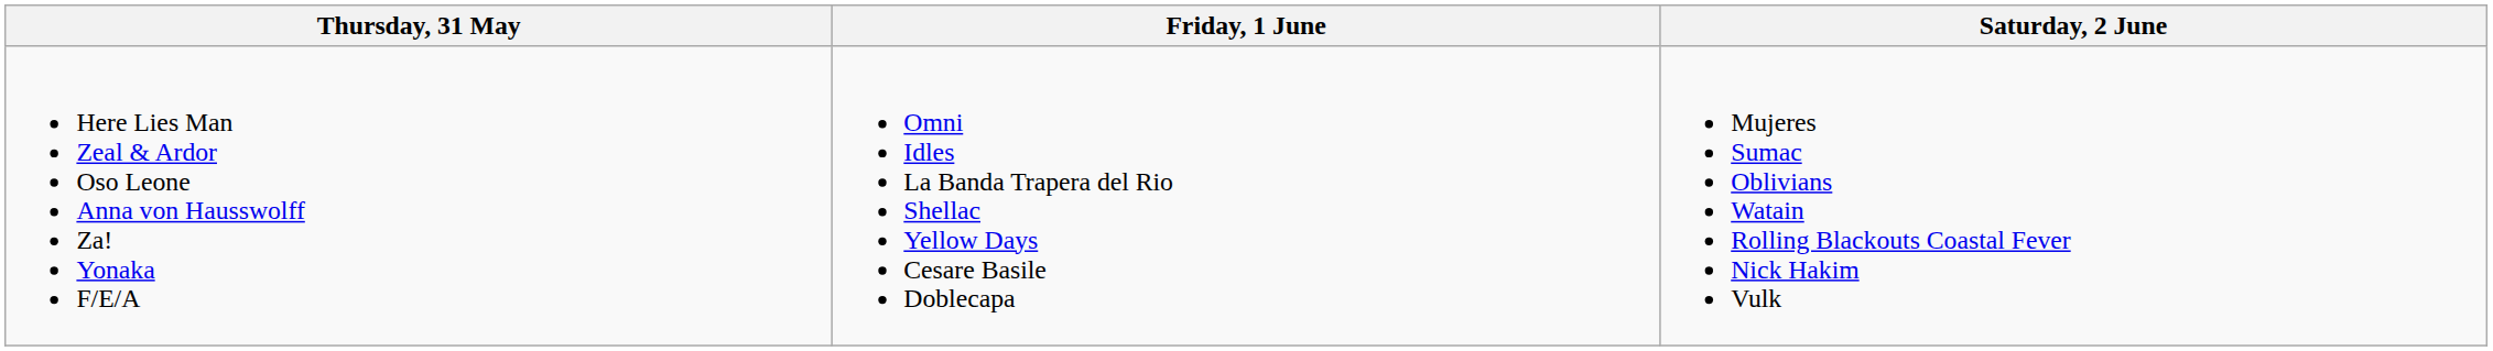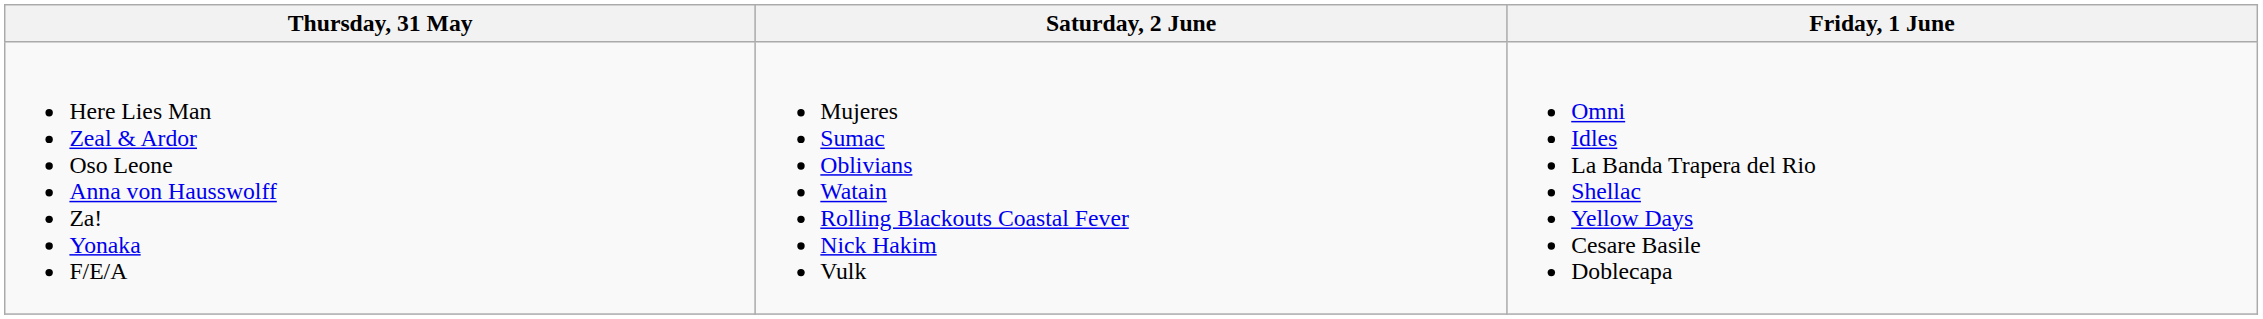 <table class="wikitable">
 <tr>
 <th width="500">Thursday, 31 May</th>
+<th width="500">Saturday, 2 June</th>
 <th width="500">Friday, 1 June</th>
-<th width="500">Saturday, 2 June</th>
 </tr>
 <tr valign="top">
 <td><br><ul><li>Here Lies Man</li><li><a href='#'>Zeal & Ardor</a></li><li>Oso Leone</li><li><a href='#'>Anna von Hausswolff</a></li><li>Za!</li><li><a href='#'>Yonaka</a></li><li>F/E/A</li></ul></td>
+<td><br><ul><li>Mujeres</li><li><a href='#'>Sumac</a></li><li><a href='#'>Oblivians</a></li><li><a href='#'>Watain</a></li><li><a href='#'>Rolling Blackouts Coastal Fever</a></li><li><a href='#'>Nick Hakim</a></li><li>Vulk</li></ul></td>
 <td><br><ul><li><a href='#'>Omni</a></li><li><a href='#'>Idles</a></li><li>La Banda Trapera del Rio</li><li><a href='#'>Shellac</a></li><li><a href='#'>Yellow Days</a></li><li>Cesare Basile</li><li>Doblecapa</li></ul></td>
-<td><br><ul><li>Mujeres</li><li><a href='#'>Sumac</a></li><li><a href='#'>Oblivians</a></li><li><a href='#'>Watain</a></li><li><a href='#'>Rolling Blackouts Coastal Fever</a></li><li><a href='#'>Nick Hakim</a></li><li>Vulk</li></ul></td>
 </tr>
 </table>
